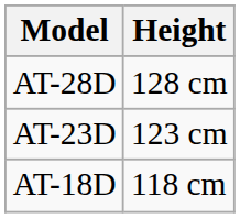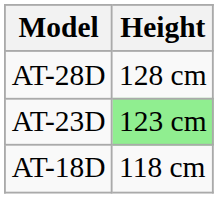 <table class="wikitable">
 <tr>
 <th>Model</th>
 <th>Height</th>
 </tr>
 <tr>
 <td>AT-28D</td>
 <td>128 cm</td>
 </tr>
 <tr>
 <td>AT-23D</td>
-<td>123 cm</td>
+<td style="background: lightgreen;">123 cm</td>
 </tr>
 <tr>
 <td>AT-18D</td>
 <td>118 cm</td>
 </tr>
 </table>
